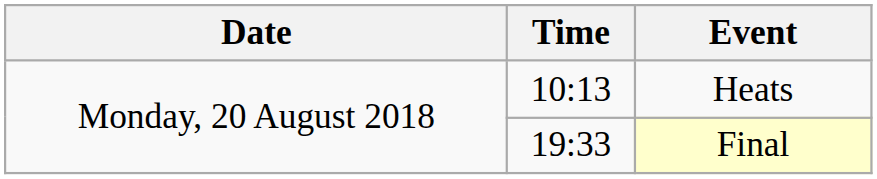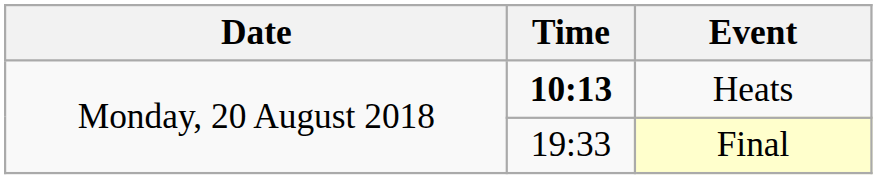 <table class = "wikitable" style="text-align:center;">
 <tr>
 <th width=220>Date</th>
 <th width=50>Time</th>
 <th width=100>Event</th>
 </tr>
 <tr>
 <td rowspan=2>Monday, 20 August 2018</td>
-<td>10:13</td>
+<td><strong>10:13</strong></td>
 <td>Heats</td>
 </tr>
 <tr>
 <td>19:33</td>
 <td bgcolor=ffffcc>Final</td>
 </tr>
 </table>
